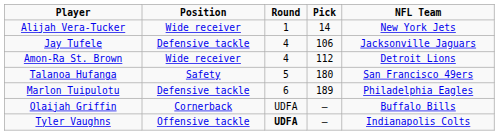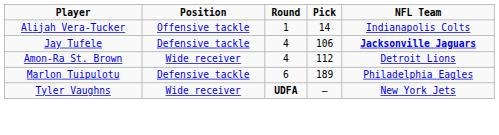 <table class="wikitable" style="width:75%;">
 <tr style="text-align:center; ">
 <td><strong>Player</strong></td>
 <td><strong>Position</strong></td>
 <td><strong>Round</strong></td>
 <td><strong>Pick</strong></td>
 <td><strong>NFL Team</strong></td>
 </tr>
 <tr align="center" bgcolor="">
 <td><a href='#'>Alijah Vera-Tucker</a></td>
-<td><a href='#'>Wide receiver</a></td>
+<td><a href='#'>Offensive tackle</a></td>
 <td>1</td>
 <td>14</td>
-<td><a href='#'>New York Jets</a></td>
+<td><a href='#'>Indianapolis Colts</a></td>
 </tr>
 <tr align="center" bgcolor="">
 <td><a href='#'>Jay Tufele</a></td>
 <td><a href='#'>Defensive tackle</a></td>
 <td>4</td>
 <td>106</td>
-<td><a href='#'>Jacksonville Jaguars</a></td>
+<td><strong><a href='#'>Jacksonville Jaguars</a></strong></td>
 </tr>
 <tr align="center" bgcolor="">
 <td><a href='#'>Amon-Ra St. Brown</a></td>
 <td><a href='#'>Wide receiver</a></td>
 <td>4</td>
 <td>112</td>
 <td><a href='#'>Detroit Lions</a></td>
 </tr>
 <tr align="center" bgcolor="">
-<td><a href='#'>Talanoa Hufanga</a></td>
-<td><a href='#'>Safety</a></td>
-<td>5</td>
-<td>180</td>
-<td><a href='#'>San Francisco 49ers</a></td>
-</tr>
-<tr align="center" bgcolor="">
 <td><a href='#'>Marlon Tuipulotu</a></td>
 <td><a href='#'>Defensive tackle</a></td>
 <td>6</td>
 <td>189</td>
 <td><a href='#'>Philadelphia Eagles</a></td>
 </tr>
 <tr align="center" bgcolor="">
-<td><a href='#'>Olaijah Griffin</a></td>
-<td><a href='#'>Cornerback</a></td>
-<td>UDFA</td>
-<td>–</td>
-<td><a href='#'>Buffalo Bills</a></td>
-</tr>
-<tr align="center" bgcolor="">
 <td><a href='#'>Tyler Vaughns</a></td>
-<td><a href='#'>Offensive tackle</a></td>
+<td><a href='#'>Wide receiver</a></td>
 <td><strong>UDFA</strong></td>
 <td>–</td>
-<td><a href='#'>Indianapolis Colts</a></td>
+<td><a href='#'>New York Jets</a></td>
 </tr>
 </table>
